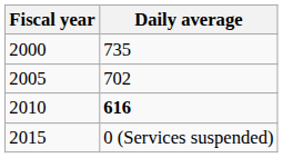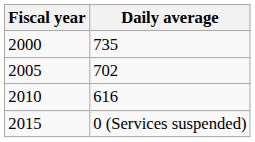 <table class="wikitable">
 <tr>
 <th>Fiscal year</th>
 <th>Daily average</th>
 </tr>
 <tr>
 <td>2000</td>
 <td>735</td>
 </tr>
 <tr>
 <td>2005</td>
 <td>702</td>
 </tr>
 <tr>
 <td>2010</td>
-<td><strong>616</strong></td>
+<td>616</td>
 </tr>
 <tr>
 <td>2015</td>
 <td>0 (Services suspended)</td>
 </tr>
 </table>
